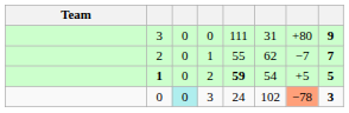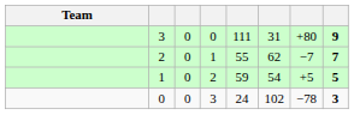 <table class="wikitable" style="text-align:center;">
 <tr>
 <th style="width:10.5em;">Team</th>
 <th style="width:1.5em;"></th>
 <th style="width:1.5em;"></th>
 <th style="width:1.5em;"></th>
 <th style="width:2.0em;"></th>
 <th style="width:2.0em;"></th>
 <th style="width:2.0em;"></th>
 <th style="width:1.5em;"></th>
 </tr>
 <tr bgcolor=#cfc>
 <td align="left"></td>
 <td>3</td>
 <td>0</td>
 <td>0</td>
 <td>111</td>
 <td>31</td>
 <td>+80</td>
 <td><strong>9</strong></td>
 </tr>
 <tr bgcolor=#cfc>
 <td align="left"></td>
 <td>2</td>
 <td>0</td>
 <td>1</td>
 <td>55</td>
 <td>62</td>
 <td>−7</td>
 <td><strong>7</strong></td>
 </tr>
 <tr bgcolor=#cfc>
 <td align="left"></td>
-<td><strong>1</strong></td>
+<td>1</td>
 <td>0</td>
 <td>2</td>
-<td><strong>59</strong></td>
+<td>59</td>
 <td>54</td>
 <td>+5</td>
 <td><strong>5</strong></td>
 </tr>
 <tr>
 <td align="left"></td>
 <td>0</td>
-<td style="background: paleturquoise;">0</td>
+<td>0</td>
 <td>3</td>
 <td>24</td>
 <td>102</td>
-<td style="background: lightsalmon;">−78</td>
+<td>−78</td>
 <td><strong>3</strong></td>
 </tr>
 </table>
